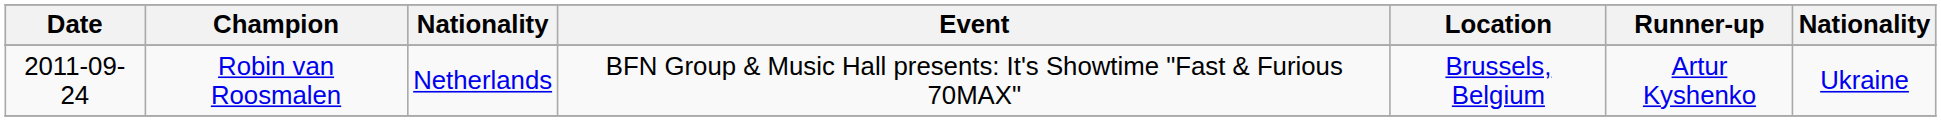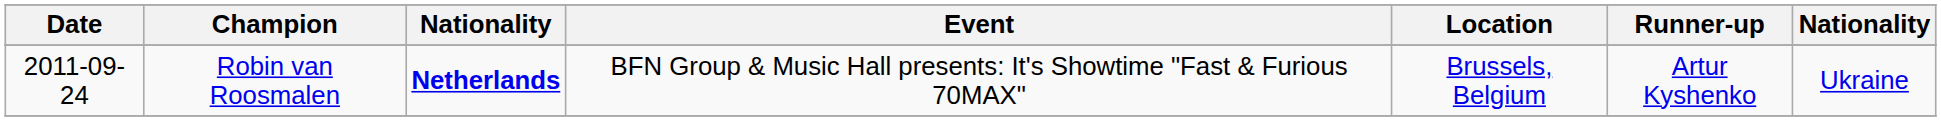 <table class="wikitable" width=95% style="clear:both; margin:1.5em auto; text-align:center;">
 <tr>
 </tr>
 <tr align="center"  bgcolor="#dddddd">
 <th>Date</th>
 <th>Champion</th>
 <th>Nationality</th>
 <th>Event</th>
 <th>Location</th>
 <th>Runner-up</th>
 <th>Nationality</th>
 </tr>
 <tr>
 </tr>
 <tr align="center"  bgcolor=>
 <td>2011-09-24</td>
 <td><a href='#'>Robin van Roosmalen</a></td>
-<td> <a href='#'>Netherlands</a></td>
+<td><strong> <a href='#'>Netherlands</a></strong></td>
 <td>BFN Group & Music Hall presents: It's Showtime "Fast & Furious 70MAX"</td>
 <td><a href='#'>Brussels, Belgium</a></td>
 <td><a href='#'>Artur Kyshenko</a></td>
 <td> <a href='#'>Ukraine</a></td>
 </tr>
 <tr>
 </tr>
 </table>
